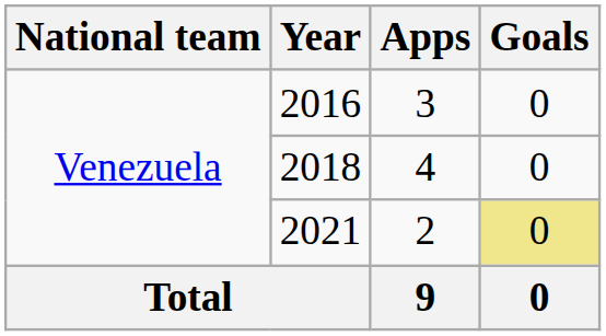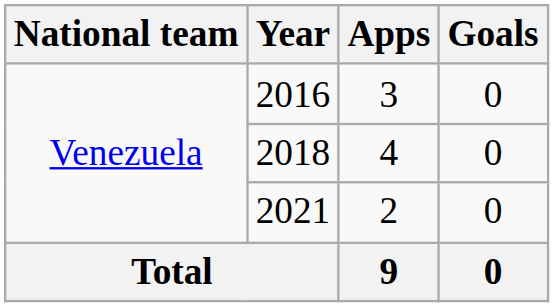 <table class="wikitable" style="text-align:center">
 <tr>
 <th>National team</th>
 <th>Year</th>
 <th>Apps</th>
 <th>Goals</th>
 </tr>
 <tr>
 <td rowspan="3"><a href='#'>Venezuela</a></td>
 <td>2016</td>
 <td>3</td>
 <td>0</td>
 </tr>
 <tr>
 <td>2018</td>
 <td>4</td>
 <td>0</td>
 </tr>
 <tr>
 <td>2021</td>
 <td>2</td>
-<td style="background: khaki;">0</td>
+<td>0</td>
 </tr>
 <tr>
 <th colspan=2>Total</th>
 <th>9</th>
 <th>0</th>
 </tr>
 </table>
